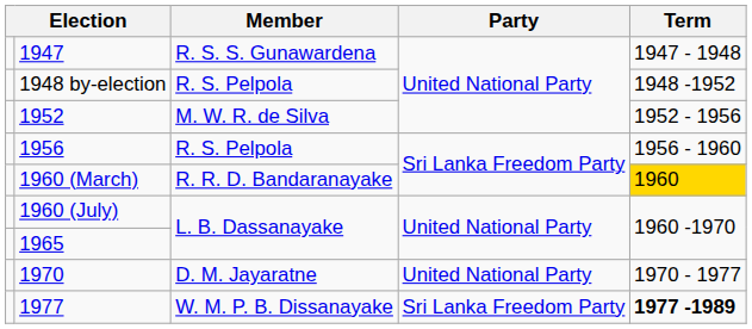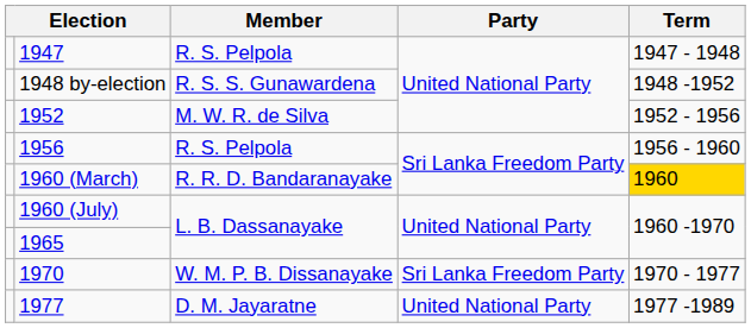 <table class="wikitable">
 <tr>
 <th colspan="2">Election</th>
 <th>Member</th>
 <th>Party</th>
 <th>Term</th>
 </tr>
 <tr>
 <td style="background-color: "></td>
 <td><a href='#'>1947</a></td>
-<td><a href='#'>R. S. S. Gunawardena</a></td>
+<td><a href='#'>R. S. Pelpola</a></td>
 <td rowspan= 3><a href='#'>United National Party</a></td>
 <td>1947 - 1948</td>
 </tr>
 <tr>
 <td style="background-color: "></td>
 <td>1948 by-election</td>
-<td><a href='#'>R. S. Pelpola</a></td>
+<td><a href='#'>R. S. S. Gunawardena</a></td>
 <td>1948 -1952</td>
 </tr>
 <tr>
 <td style="background-color: "></td>
 <td><a href='#'>1952</a></td>
 <td><a href='#'>M. W. R. de Silva</a></td>
 <td>1952 - 1956</td>
 </tr>
 <tr>
 <td style="background-color: "></td>
 <td><a href='#'>1956</a></td>
 <td><a href='#'>R. S. Pelpola</a></td>
 <td rowspan= 2><a href='#'>Sri Lanka Freedom Party</a></td>
 <td>1956 - 1960</td>
 </tr>
 <tr>
 <td style="background-color: "></td>
 <td><a href='#'>1960 (March)</a></td>
 <td><a href='#'>R. R. D. Bandaranayake</a></td>
 <td style="background: gold;">1960</td>
 </tr>
 <tr>
 <td style="background-color: "></td>
 <td><a href='#'>1960 (July)</a></td>
 <td rowspan= 2><a href='#'>L. B. Dassanayake</a></td>
 <td rowspan= 2><a href='#'>United National Party</a></td>
 <td rowspan= 2>1960 -1970</td>
 </tr>
 <tr>
 <td style="background-color: "></td>
 <td><a href='#'>1965</a></td>
 </tr>
 <tr>
 <td style="background-color: "></td>
 <td><a href='#'>1970</a></td>
-<td><a href='#'>D. M. Jayaratne</a></td>
-<td><a href='#'>United National Party</a></td>
+<td><a href='#'>W. M. P. B. Dissanayake</a></td>
+<td><a href='#'>Sri Lanka Freedom Party</a></td>
 <td>1970 - 1977</td>
 </tr>
 <tr>
 <td style="background-color: "></td>
 <td><a href='#'>1977</a></td>
-<td><a href='#'>W. M. P. B. Dissanayake</a></td>
-<td><a href='#'>Sri Lanka Freedom Party</a></td>
-<td><strong>1977 -1989</strong></td>
+<td><a href='#'>D. M. Jayaratne</a></td>
+<td><a href='#'>United National Party</a></td>
+<td>1977 -1989</td>
 </tr>
 </table>
